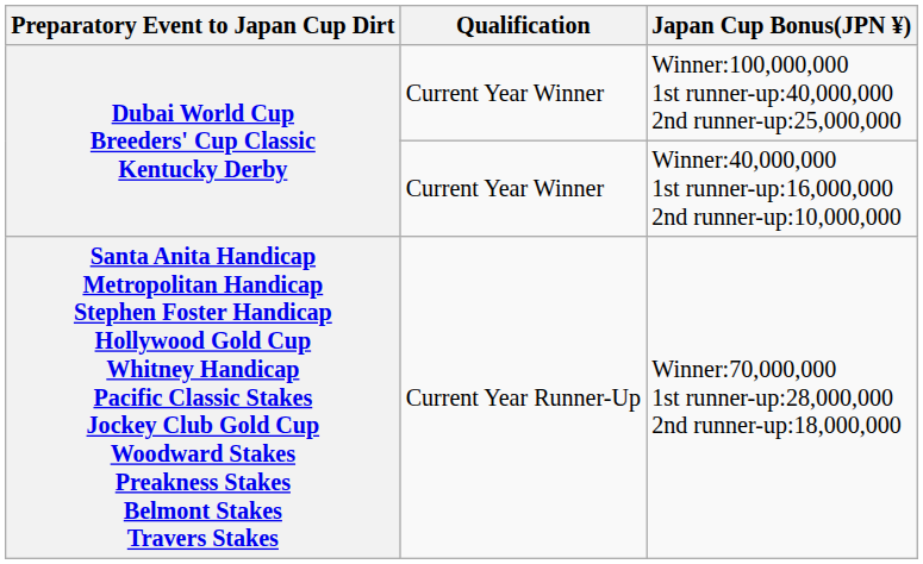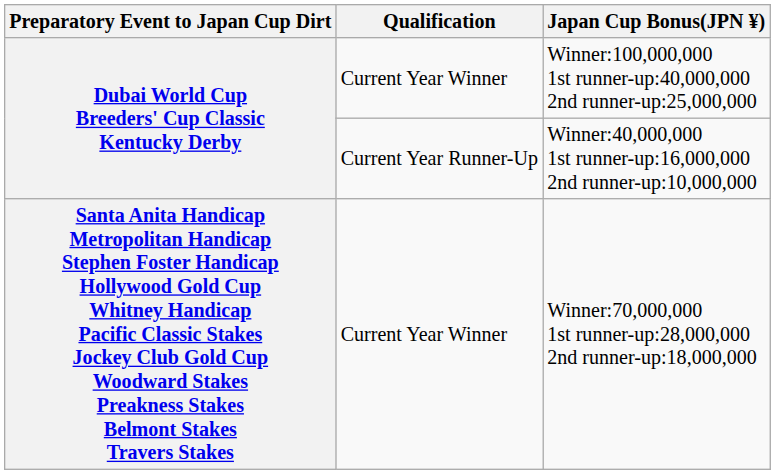 <table class="wikitable" style="font-size: 95%;">
 <tr>
 <th>Preparatory Event to Japan Cup Dirt</th>
 <th>Qualification</th>
 <th>Japan Cup Bonus(JPN ¥)</th>
 </tr>
 <tr>
 <th rowspan=2><a href='#'>Dubai World Cup</a><br><a href='#'>Breeders' Cup Classic</a><br><a href='#'>Kentucky Derby</a></th>
 <td>Current Year Winner</td>
 <td>Winner:100,000,000<br>1st runner-up:40,000,000<br>2nd runner-up:25,000,000</td>
 </tr>
 <tr>
-<td>Current Year Winner</td>
+<td>Current Year Runner-Up</td>
 <td>Winner:40,000,000<br>1st runner-up:16,000,000<br>2nd runner-up:10,000,000</td>
 </tr>
 <tr>
 <th><a href='#'>Santa Anita Handicap</a><br><a href='#'>Metropolitan Handicap</a><br><a href='#'>Stephen Foster Handicap</a><br><a href='#'>Hollywood Gold Cup</a><br><a href='#'>Whitney Handicap</a><br><a href='#'>Pacific Classic Stakes</a><br><a href='#'>Jockey Club Gold Cup</a><br><a href='#'>Woodward Stakes</a><br><a href='#'>Preakness Stakes</a><br><a href='#'>Belmont Stakes</a><br><a href='#'>Travers Stakes</a></th>
-<td>Current Year Runner-Up</td>
+<td Current Year Winner>Current Year Winner</td>
 <td>Winner:70,000,000<br>1st runner-up:28,000,000<br>2nd runner-up:18,000,000</td>
 </tr>
 </table>
